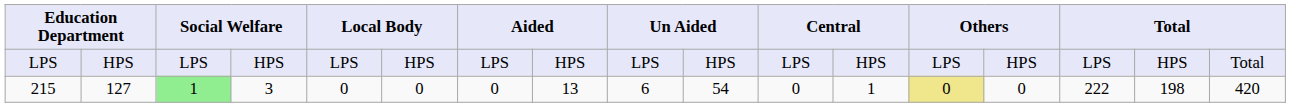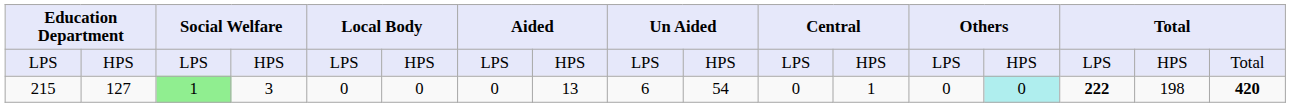 <table class="wikitable" style="margin: 1em auto 1em auto;">
 <tr>
 <th colspan="2" align="center" width="65" style="background: #E6E8FA;">Education Department</th>
 <th colspan="2" align="center" width="120" style="background: #E6E8FA;">Social Welfare</th>
 <th colspan="2" align="center" width="65" style="background: #E6E8FA;">Local Body</th>
 <th colspan="2" align="center" width="65" style="background: #E6E8FA;" wrap>Aided</th>
 <th colspan="2" align="center" width="65" style="background: #E6E8FA;">Un Aided</th>
 <th colspan="2" align="center" width="65" style="background: #E6E8FA;">Central</th>
 <th colspan="2" align="center" width="65" style="background: #E6E8FA;">Others</th>
 <th colspan="3" align="center" width="65" style="background: #E6E8FA;">Total</th>
 </tr>
 <tr>
 <td align="center" width="65" style="background: #E6E8FA;">LPS</td>
 <td align="center" width="65" style="background: #E6E8FA;">HPS</td>
 <td align="center" width="65" style="background: #E6E8FA;">LPS</td>
 <td align="center" width="65" style="background: #E6E8FA;">HPS</td>
 <td align="center" width="65" style="background: #E6E8FA;">LPS</td>
 <td align="center" width="65" style="background: #E6E8FA;">HPS</td>
 <td align="center" width="65" style="background: #E6E8FA;">LPS</td>
 <td align="center" width="65" style="background: #E6E8FA;">HPS</td>
 <td align="center" width="65" style="background: #E6E8FA;">LPS</td>
 <td align="center" width="65" style="background: #E6E8FA;">HPS</td>
 <td align="center" width="65" style="background: #E6E8FA;">LPS</td>
 <td align="center" width="65" style="background: #E6E8FA;">HPS</td>
 <td align="center" width="65" style="background: #E6E8FA;">LPS</td>
 <td align="center" width="65" style="background: #E6E8FA;">HPS</td>
 <td align="center" width="65" style="background: #E6E8FA;">LPS</td>
 <td align="center" width="65" style="background: #E6E8FA;">HPS</td>
 <td align="center" width="65" style="background: #E6E8FA;">Total</td>
 </tr>
 <tr>
 <td align="center">215</td>
 <td align="center">127</td>
 <td align="center" style="background: lightgreen;">1</td>
 <td align="center">3</td>
 <td align="center">0</td>
 <td align="center">0</td>
 <td align="center">0</td>
 <td align="center">13</td>
 <td align="center">6</td>
 <td align="center">54</td>
 <td align="center">0</td>
 <td align="center">1</td>
-<td align="center" style="background: khaki;">0</td>
 <td align="center">0</td>
-<td align="center">222</td>
+<td align="center" style="background: paleturquoise;">0</td>
+<td align="center"><strong>222</strong></td>
 <td align="center">198</td>
-<td align="center">420</td>
+<td align="center"><strong>420</strong></td>
 </tr>
 </table>
